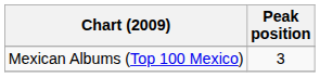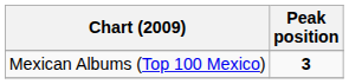 <table class="wikitable sortable">
 <tr>
 <th style="text-align:center;">Chart (2009)</th>
 <th style="text-align:center;">Peak<br>position</th>
 </tr>
 <tr>
 </tr>
 <tr>
 <td align="left">Mexican Albums (<a href='#'>Top 100 Mexico</a>)</td>
-<td style="text-align:center;">3</td>
+<td style="text-align:center;"><strong>3</strong></td>
 </tr>
 <tr>
 </tr>
 </table>
